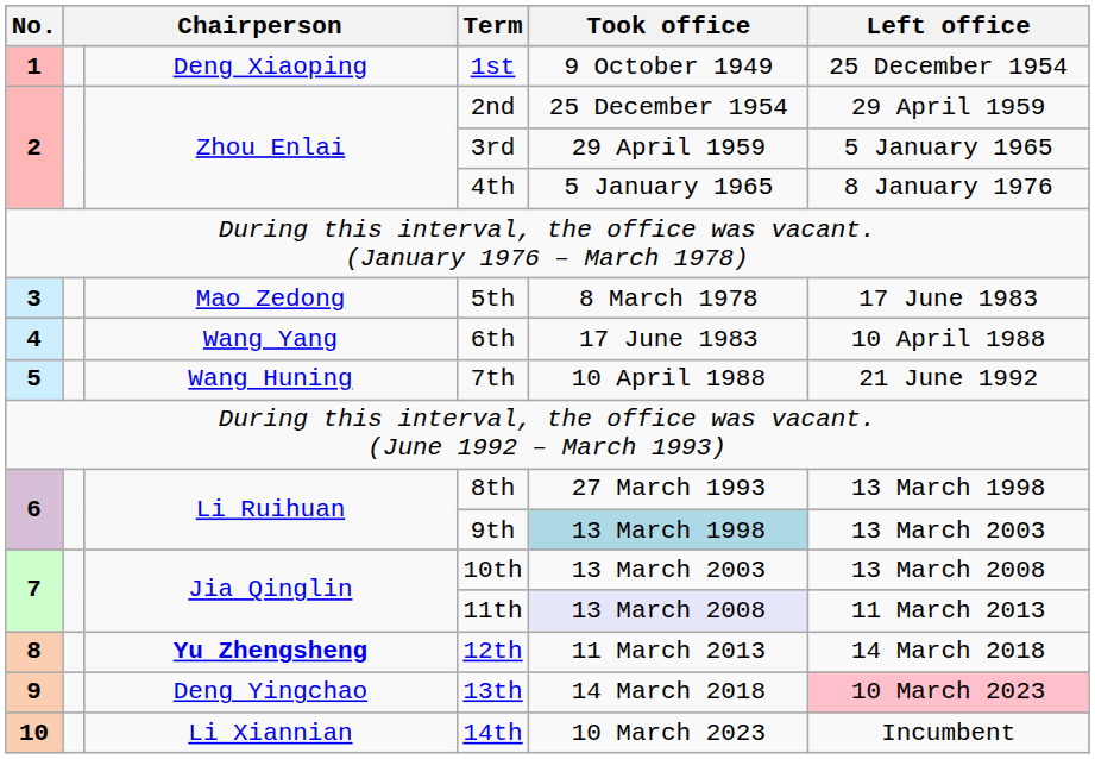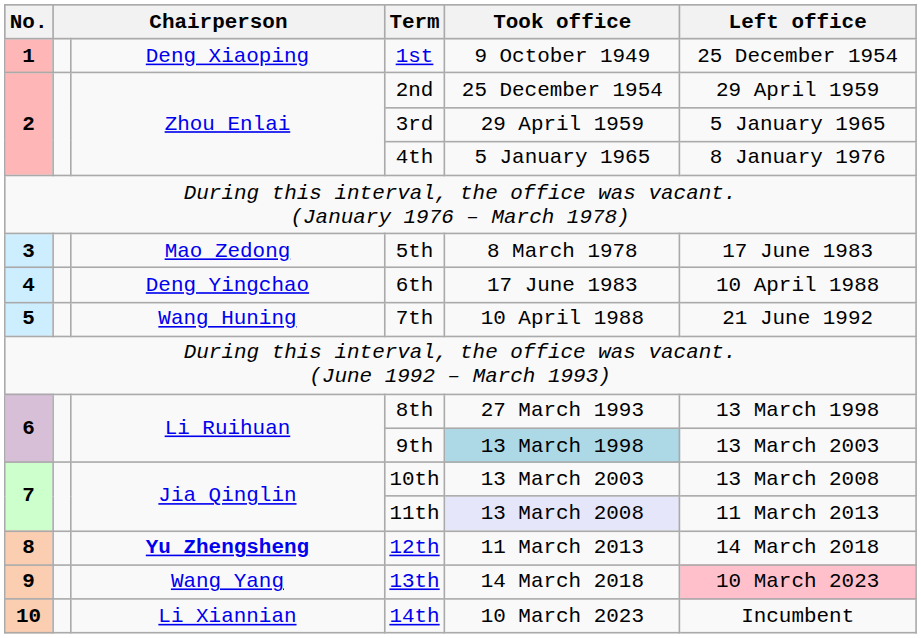 <table class="wikitable" style="text-align: center; border-collapse: collapse;">
 <tr style="background: #cccccc;">
 <th width="20">No.</th>
 <th width="200" colspan="2">Chairperson</th>
 <th align="left" width="20">Term</th>
 <th width="140">Took office</th>
 <th width="140">Left office</th>
 </tr>
 <tr>
 <td bgcolor="#FFB6B6"><strong>1</strong></td>
 <td></td>
 <td><a href='#'>Deng Xiaoping</a><br></td>
 <td><a href='#'>1st</a></td>
 <td>9 October 1949</td>
 <td>25 December 1954</td>
 </tr>
 <tr>
 <td rowspan="3" bgcolor="#FFB6B6"><strong>2</strong></td>
 <td rowspan="3"></td>
 <td rowspan="3"><a href='#'>Zhou Enlai</a><br></td>
 <td>2nd</td>
 <td>25 December 1954</td>
 <td>29 April 1959</td>
 </tr>
 <tr>
 <td>3rd</td>
 <td>29 April 1959</td>
 <td>5 January 1965</td>
 </tr>
 <tr>
 <td>4th</td>
 <td>5 January 1965</td>
 <td>8 January 1976</td>
 </tr>
 <tr>
 <td colspan="6"><em>During this interval, the office was vacant.<br>(January 1976 – March 1978)</em></td>
 </tr>
 <tr>
 <td bgcolor="#CCEEFF"><strong>3</strong></td>
 <td></td>
 <td><a href='#'>Mao Zedong</a><br></td>
 <td>5th</td>
 <td>8 March 1978</td>
 <td>17 June 1983</td>
 </tr>
 <tr>
 <td bgcolor="#CCEEFF"><strong>4</strong></td>
 <td></td>
-<td><a href='#'>Wang Yang</a><br></td>
+<td><a href='#'>Deng Yingchao</a><br></td>
 <td>6th</td>
 <td>17 June 1983</td>
 <td>10 April 1988</td>
 </tr>
 <tr>
 <td bgcolor="#CCEEFF"><strong>5</strong></td>
 <td></td>
 <td><a href='#'>Wang Huning</a><br></td>
 <td>7th</td>
 <td>10 April 1988</td>
 <td>21 June 1992</td>
 </tr>
 <tr>
 <td colspan="6"><em>During this interval, the office was vacant.<br>(June 1992 – March 1993)</em></td>
 </tr>
 <tr>
 <td rowspan="2" bgcolor="#D8BFD8"><strong>6</strong></td>
 <td rowspan="2"></td>
 <td rowspan="2"><a href='#'>Li Ruihuan</a><br></td>
 <td>8th</td>
 <td>27 March 1993</td>
 <td>13 March 1998</td>
 </tr>
 <tr>
 <td>9th</td>
 <td style="background: lightblue;">13 March 1998</td>
 <td>13 March 2003</td>
 </tr>
 <tr>
 <td rowspan="2" bgcolor="#CCFFCC"><strong>7</strong></td>
 <td rowspan="2"></td>
 <td rowspan="2"><a href='#'>Jia Qinglin</a><br></td>
 <td>10th</td>
 <td>13 March 2003</td>
 <td>13 March 2008</td>
 </tr>
 <tr>
 <td>11th</td>
 <td style="background: lavender;">13 March 2008</td>
 <td>11 March 2013</td>
 </tr>
 <tr>
 <td bgcolor="#FBCEB1"><strong>8</strong></td>
 <td></td>
 <td><strong><a href='#'>Yu Zhengsheng</a><br></strong></td>
 <td><a href='#'>12th</a></td>
 <td>11 March 2013</td>
 <td>14 March 2018</td>
 </tr>
 <tr>
 <td bgcolor="#FBCEB1"><strong>9</strong></td>
 <td></td>
-<td><a href='#'>Deng Yingchao</a><br></td>
+<td><a href='#'>Wang Yang</a><br></td>
 <td><a href='#'>13th</a></td>
 <td>14 March 2018</td>
 <td style="background: pink;">10 March 2023</td>
 </tr>
 <tr>
 <td bgcolor="#FBCEB1"><strong>10</strong></td>
 <td></td>
 <td><a href='#'>Li Xiannian</a><br></td>
 <td><a href='#'>14th</a></td>
 <td>10 March 2023</td>
 <td>Incumbent</td>
 </tr>
 </table>
